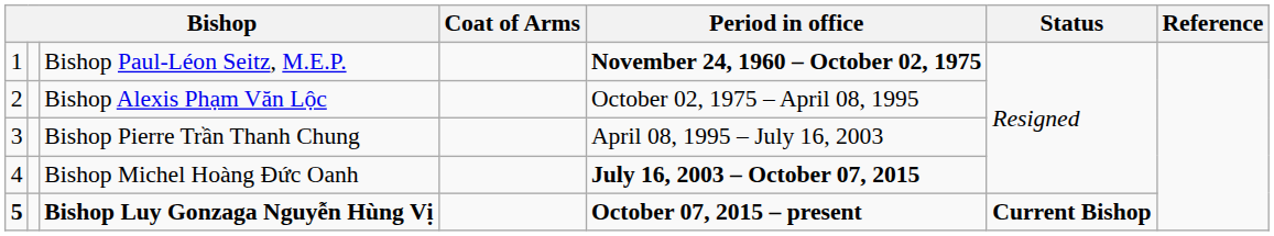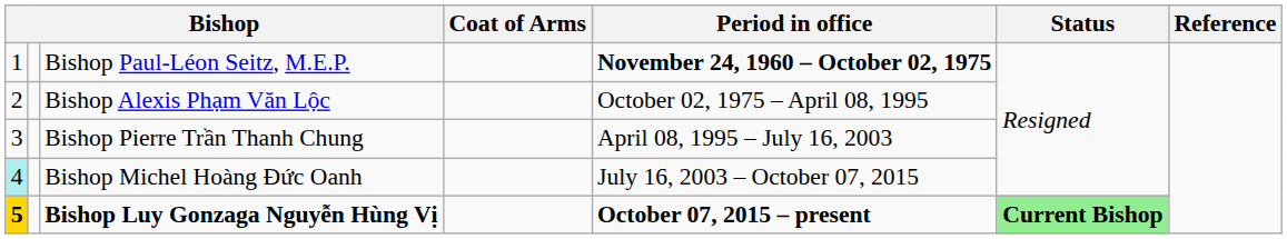 <table class="wikitable">
 <tr>
 <th colspan="3">Bishop</th>
 <th>Coat of Arms</th>
 <th>Period in office</th>
 <th>Status</th>
 <th>Reference</th>
 </tr>
 <tr>
 <td>1</td>
 <td></td>
 <td>Bishop <a href='#'>Paul-Léon Seitz</a>, <a href='#'>M.E.P.</a></td>
 <td></td>
 <td><strong>November 24, 1960 – October 02, 1975</strong></td>
 <td rowspan=4><em>Resigned</em></td>
 <td rowspan=5></td>
 </tr>
 <tr>
 <td>2</td>
 <td></td>
 <td>Bishop <a href='#'>Alexis Phạm Văn Lộc</a></td>
 <td></td>
 <td>October 02, 1975 – April 08, 1995</td>
 </tr>
 <tr>
 <td>3</td>
 <td></td>
 <td>Bishop Pierre Trần Thanh Chung</td>
 <td></td>
 <td>April 08, 1995 – July 16, 2003</td>
 </tr>
 <tr>
-<td>4</td>
+<td style="background: paleturquoise;">4</td>
 <td></td>
 <td>Bishop Michel Hoàng Ðức Oanh</td>
 <td></td>
-<td><strong>July 16, 2003 – October 07, 2015</strong></td>
+<td>July 16, 2003 – October 07, 2015</td>
 </tr>
 <tr>
-<td><strong>5</strong></td>
+<td style="background: gold;"><strong>5</strong></td>
 <td></td>
 <td><strong>Bishop Luy Gonzaga Nguyễn Hùng Vị</strong></td>
 <td></td>
 <td><strong>October 07, 2015 – present</strong></td>
-<td><strong>Current Bishop</strong></td>
+<td style="background: lightgreen;"><strong>Current Bishop</strong></td>
 </tr>
 </table>
